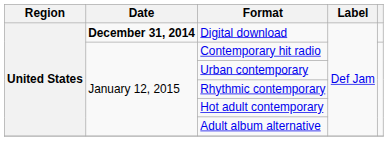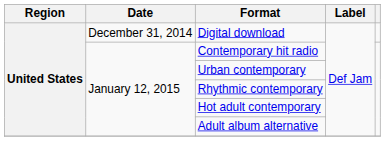 <table class="wikitable plainrowheaders">
 <tr>
 <th scope="col">Region</th>
 <th scope="col">Date</th>
 <th scope="col">Format</th>
 <th scope="col">Label</th>
 <th scope="col"></th>
 </tr>
 <tr>
 <th scope="row" rowspan="6">United States</th>
-<td><strong>December 31, 2014</strong></td>
+<td>December 31, 2014</td>
 <td><a href='#'>Digital download</a></td>
 <td rowspan="6"><a href='#'>Def Jam</a></td>
 <td></td>
 </tr>
 <tr>
 <td rowspan="5">January 12, 2015</td>
 <td><a href='#'>Contemporary hit radio</a></td>
 <td rowspan="5"></td>
 </tr>
 <tr>
 <td><a href='#'>Urban contemporary</a></td>
 </tr>
 <tr>
 <td><a href='#'>Rhythmic contemporary</a></td>
 </tr>
 <tr>
 <td><a href='#'>Hot adult contemporary</a></td>
 </tr>
 <tr>
 <td><a href='#'>Adult album alternative</a></td>
 </tr>
 <tr>
 </tr>
 </table>
